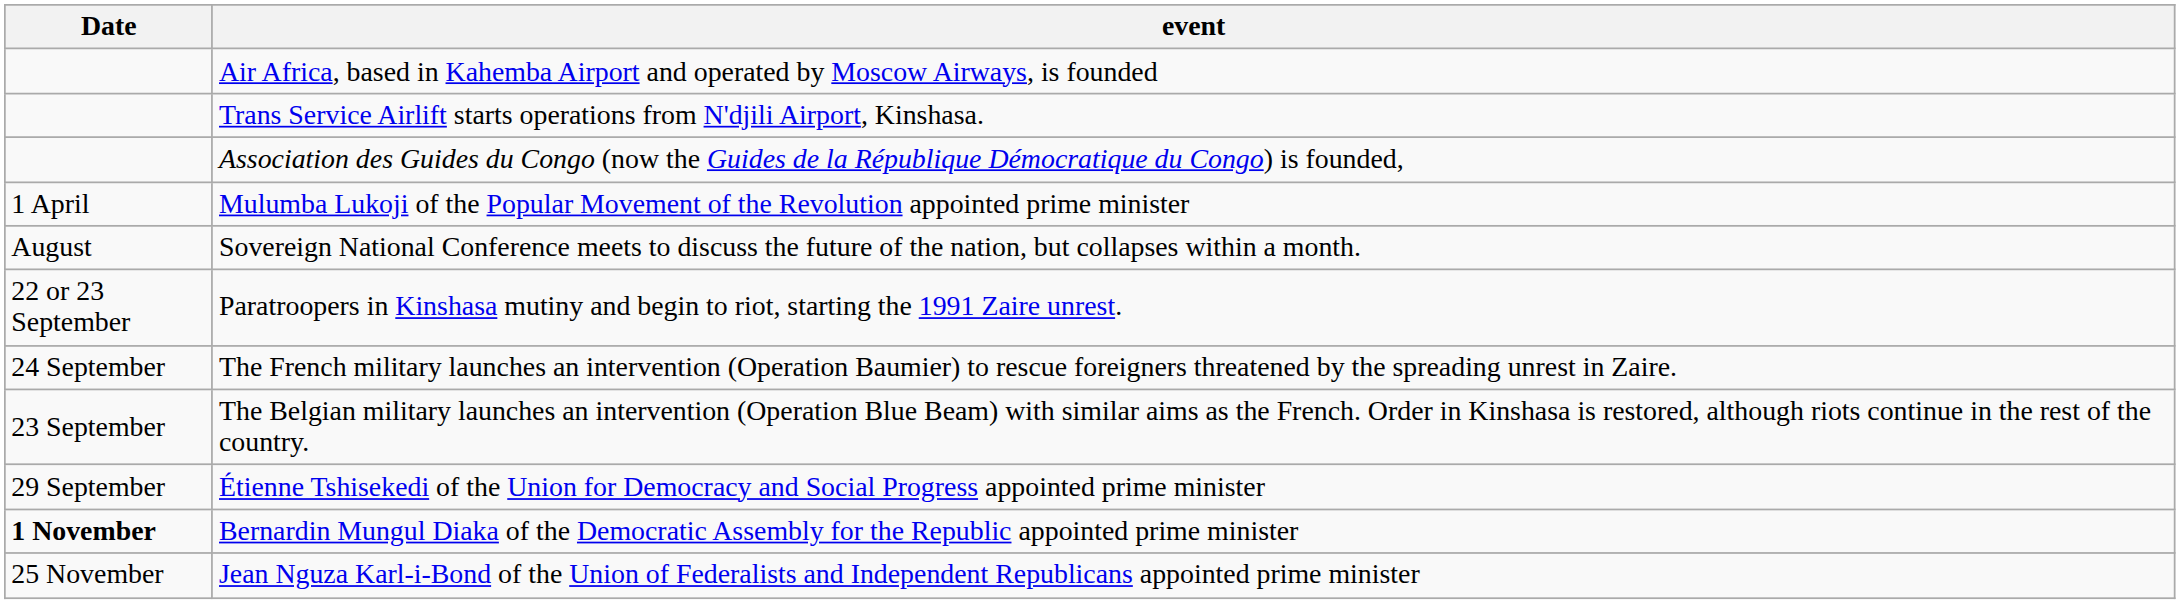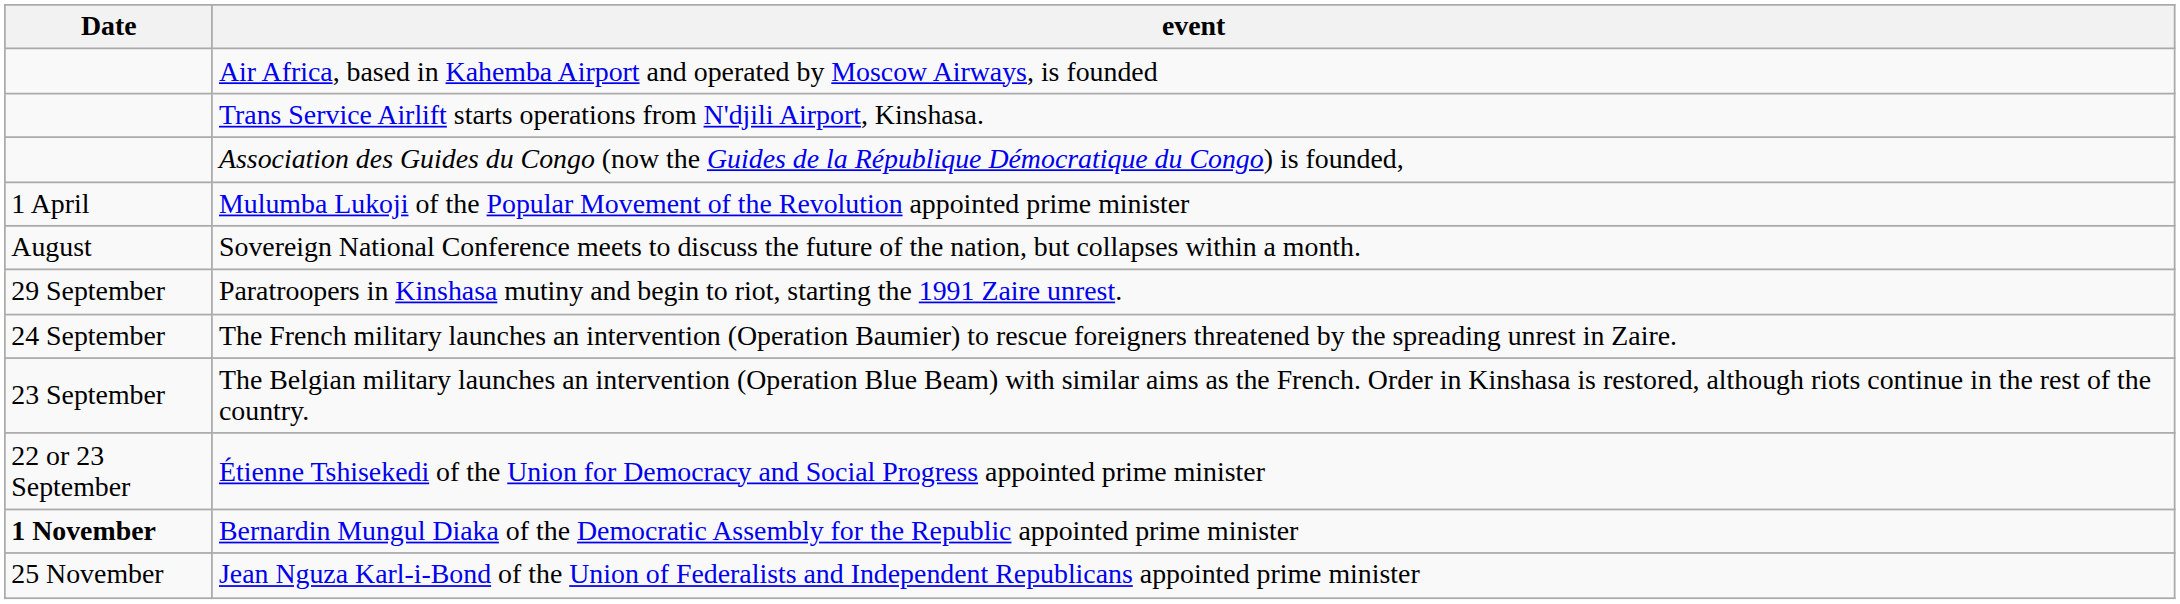 <table class=wikitable>
 <tr>
 <th style="width:7em">Date</th>
 <th>event</th>
 </tr>
 <tr>
 <td></td>
 <td><a href='#'>Air Africa</a>, based in <a href='#'>Kahemba Airport</a> and operated by <a href='#'>Moscow Airways</a>, is founded</td>
 </tr>
 <tr>
 <td></td>
 <td><a href='#'>Trans Service Airlift</a> starts operations from <a href='#'>N'djili Airport</a>, Kinshasa.</td>
 </tr>
 <tr>
 <td></td>
 <td><em>Association des Guides du Congo</em> (now the <em><a href='#'>Guides de la République Démocratique du Congo</a></em>) is founded,</td>
 </tr>
 <tr>
 <td>1 April</td>
 <td><a href='#'>Mulumba Lukoji</a> of the <a href='#'>Popular Movement of the Revolution</a> appointed prime minister</td>
 </tr>
 <tr>
 <td>August</td>
 <td>Sovereign National Conference meets to discuss the future of the nation, but collapses within a month.</td>
 </tr>
 <tr>
-<td>22 or 23 September</td>
+<td>29 September</td>
 <td>Paratroopers in <a href='#'>Kinshasa</a> mutiny and begin to riot, starting the <a href='#'>1991 Zaire unrest</a>.</td>
 </tr>
 <tr>
 <td>24 September</td>
 <td>The French military launches an intervention (Operation Baumier) to rescue foreigners threatened by the spreading unrest in Zaire.</td>
 </tr>
 <tr>
 <td>23 September</td>
 <td>The Belgian military launches an intervention (Operation Blue Beam) with similar aims as the French. Order in Kinshasa is restored, although riots continue in the rest of the country.</td>
 </tr>
 <tr>
-<td>29 September</td>
+<td>22 or 23 September</td>
 <td><a href='#'>Étienne Tshisekedi</a> of the <a href='#'>Union for Democracy and Social Progress</a> appointed prime minister</td>
 </tr>
 <tr>
 <td><strong>1 November</strong></td>
 <td><a href='#'>Bernardin Mungul Diaka</a> of the <a href='#'>Democratic Assembly for the Republic</a> appointed prime minister</td>
 </tr>
 <tr>
 <td>25 November</td>
 <td><a href='#'>Jean Nguza Karl-i-Bond</a> of the <a href='#'>Union of Federalists and Independent Republicans</a> appointed prime minister</td>
 </tr>
 </table>
